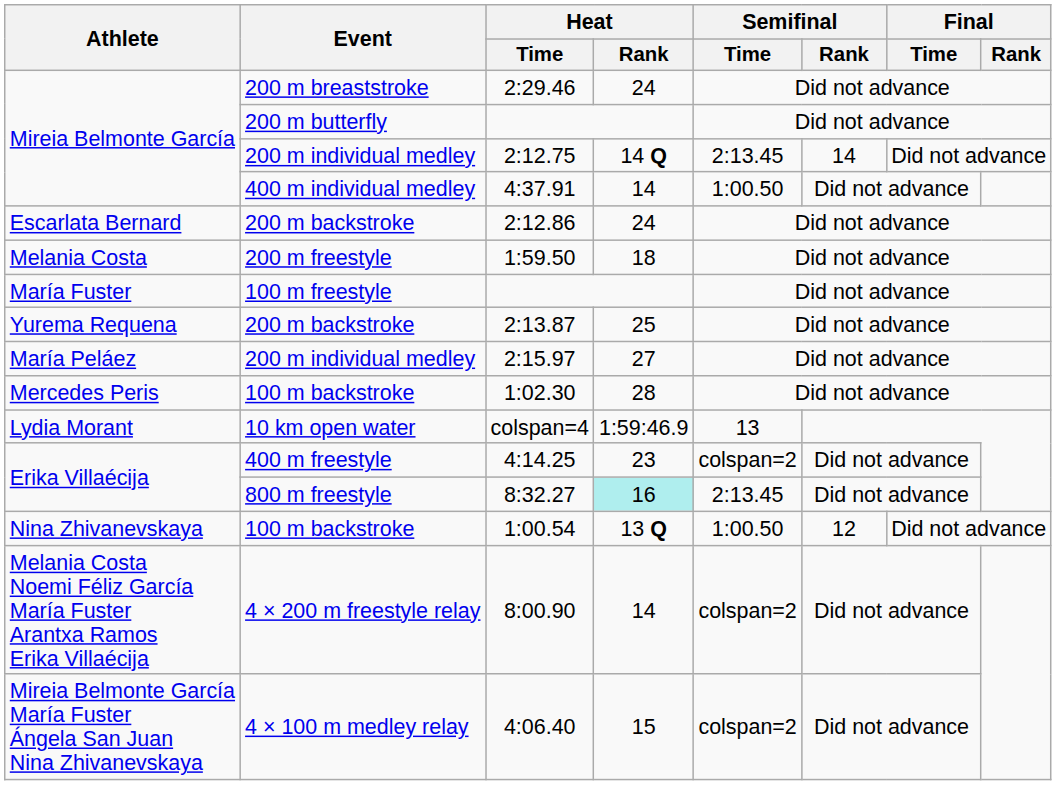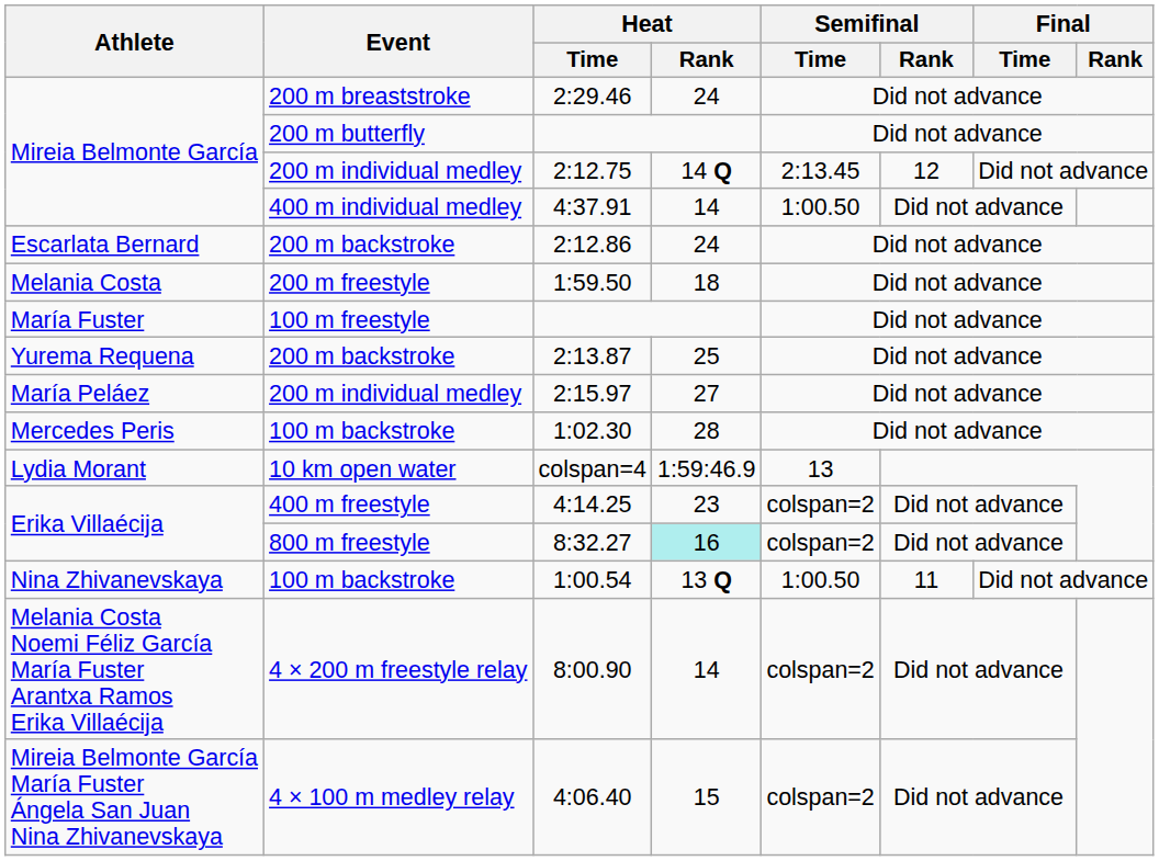 <table class=wikitable style="font-size:90%">
 <tr>
 <th rowspan="2">Athlete</th>
 <th rowspan="2">Event</th>
 <th colspan="2">Heat</th>
 <th colspan="2">Semifinal</th>
 <th colspan="2">Final</th>
 </tr>
 <tr style="font-size:95%">
 <th>Time</th>
 <th>Rank</th>
 <th>Time</th>
 <th>Rank</th>
 <th>Time</th>
 <th>Rank</th>
 </tr>
 <tr align=center>
 <td align=left rowspan=4><a href='#'>Mireia Belmonte García</a></td>
 <td align=left><a href='#'>200 m breaststroke</a></td>
 <td>2:29.46</td>
 <td>24</td>
 <td colspan=4>Did not advance</td>
 </tr>
 <tr align=center>
 <td align=left><a href='#'>200 m butterfly</a></td>
 <td colspan=2></td>
 <td colspan=4>Did not advance</td>
 </tr>
 <tr align=center>
 <td align=left><a href='#'>200 m individual medley</a></td>
 <td>2:12.75</td>
 <td>14 <strong>Q</strong></td>
 <td>2:13.45</td>
-<td>14</td>
+<td>12</td>
 <td colspan=2>Did not advance</td>
 </tr>
 <tr align=center>
 <td align=left><a href='#'>400 m individual medley</a></td>
 <td>4:37.91</td>
 <td>14</td>
 <td>1:00.50</td>
 <td colspan=2>Did not advance</td>
 </tr>
 <tr align=center>
 <td align=left><a href='#'>Escarlata Bernard</a></td>
 <td align=left><a href='#'>200 m backstroke</a></td>
 <td>2:12.86</td>
 <td>24</td>
 <td colspan=4>Did not advance</td>
 </tr>
 <tr align=center>
 <td align=left><a href='#'>Melania Costa</a></td>
 <td align=left><a href='#'>200 m freestyle</a></td>
 <td>1:59.50</td>
 <td>18</td>
 <td colspan=4>Did not advance</td>
 </tr>
 <tr align=center>
 <td align=left><a href='#'>María Fuster</a></td>
 <td align=left><a href='#'>100 m freestyle</a></td>
 <td colspan=2></td>
 <td colspan=4>Did not advance</td>
 </tr>
 <tr align=center>
 <td align=left><a href='#'>Yurema Requena</a></td>
 <td align=left><a href='#'>200 m backstroke</a></td>
 <td>2:13.87</td>
 <td>25</td>
 <td colspan=4>Did not advance</td>
 </tr>
 <tr align=center>
 <td align=left><a href='#'>María Peláez</a></td>
 <td align=left><a href='#'>200 m individual medley</a></td>
 <td>2:15.97</td>
 <td>27</td>
 <td colspan=4>Did not advance</td>
 </tr>
 <tr align=center>
 <td align=left><a href='#'>Mercedes Peris</a></td>
 <td align=left><a href='#'>100 m backstroke</a></td>
 <td>1:02.30</td>
 <td>28</td>
 <td colspan=4>Did not advance</td>
 </tr>
 <tr align=center>
 <td align=left><a href='#'>Lydia Morant</a></td>
 <td align=left><a href='#'>10 km open water</a></td>
 <td>colspan=4 </td>
 <td>1:59:46.9</td>
 <td>13</td>
 </tr>
 <tr align=center>
 <td align=left rowspan=2><a href='#'>Erika Villaécija</a></td>
 <td align=left><a href='#'>400 m freestyle</a></td>
 <td>4:14.25</td>
 <td>23</td>
 <td>colspan=2 </td>
 <td colspan=2>Did not advance</td>
 </tr>
 <tr align=center>
 <td align=left><a href='#'>800 m freestyle</a></td>
 <td>8:32.27</td>
 <td style="background: paleturquoise;">16</td>
-<td>2:13.45</td>
+<td>colspan=2 </td>
 <td colspan=2>Did not advance</td>
 </tr>
 <tr align=center>
 <td align=left><a href='#'>Nina Zhivanevskaya</a></td>
 <td align=left><a href='#'>100 m backstroke</a></td>
 <td>1:00.54</td>
 <td>13 <strong>Q</strong></td>
 <td>1:00.50</td>
-<td>12</td>
+<td>11</td>
 <td colspan=2>Did not advance</td>
 </tr>
 <tr align=center>
 <td align=left><a href='#'>Melania Costa</a><br><a href='#'>Noemi Féliz García</a><br><a href='#'>María Fuster</a><br><a href='#'>Arantxa Ramos</a><br><a href='#'>Erika Villaécija</a></td>
 <td align=left><a href='#'>4 × 200 m freestyle relay</a></td>
 <td>8:00.90</td>
 <td>14</td>
 <td>colspan=2 </td>
 <td colspan=2>Did not advance</td>
 </tr>
 <tr align=center>
 <td align=left><a href='#'>Mireia Belmonte García</a><br><a href='#'>María Fuster</a><br><a href='#'>Ángela San Juan</a><br><a href='#'>Nina Zhivanevskaya</a></td>
 <td align=left><a href='#'>4 × 100 m medley relay</a></td>
 <td>4:06.40</td>
 <td>15</td>
 <td>colspan=2 </td>
 <td colspan=2>Did not advance</td>
 </tr>
 </table>
